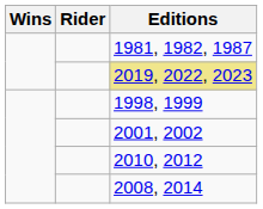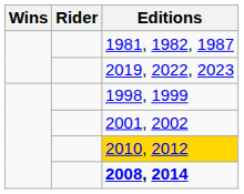 <table class="wikitable">
 <tr>
 <th>Wins</th>
 <th>Rider</th>
 <th>Editions</th>
 </tr>
 <tr>
 <td rowspan= 2></td>
 <td></td>
 <td><a href='#'>1981</a>, <a href='#'>1982</a>, <a href='#'>1987</a></td>
 </tr>
 <tr>
 <td><em></em></td>
-<td style="background: khaki;"><a href='#'>2019</a>, <a href='#'>2022</a>, <a href='#'>2023</a></td>
+<td><a href='#'>2019</a>, <a href='#'>2022</a>, <a href='#'>2023</a></td>
 </tr>
 <tr>
 <td rowspan= 4></td>
 <td></td>
 <td><a href='#'>1998</a>, <a href='#'>1999</a></td>
 </tr>
 <tr>
 <td></td>
 <td><a href='#'>2001</a>, <a href='#'>2002</a></td>
 </tr>
 <tr>
 <td><em></em></td>
-<td><a href='#'>2010</a>, <a href='#'>2012</a></td>
+<td style="background: gold;"><a href='#'>2010</a>, <a href='#'>2012</a></td>
 </tr>
 <tr>
 <td></td>
-<td><a href='#'>2008</a>, <a href='#'>2014</a></td>
+<td><strong><a href='#'>2008</a>, <a href='#'>2014</a></strong></td>
 </tr>
 </table>
